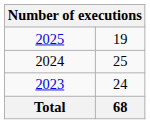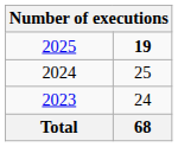 <table class="wikitable" style="text-align:center;">
 <tr>
 <th ! colspan="2">Number of executions</th>
 </tr>
 <tr>
 <td><a href='#'>2025</a></td>
-<td>19</td>
+<td><strong>19</strong></td>
 </tr>
 <tr>
 <td>2024</td>
 <td>25</td>
 </tr>
 <tr>
 <td><a href='#'>2023</a></td>
 <td>24</td>
 </tr>
 <tr>
 <th>Total</th>
 <th>68</th>
 </tr>
 </table>
